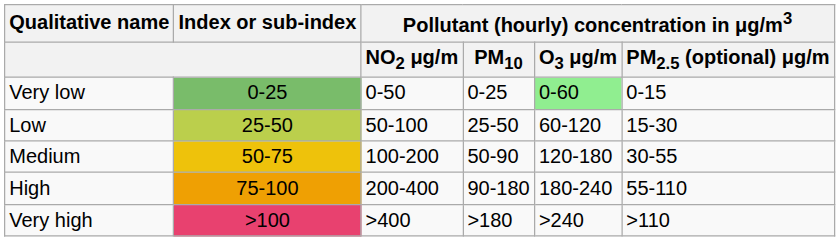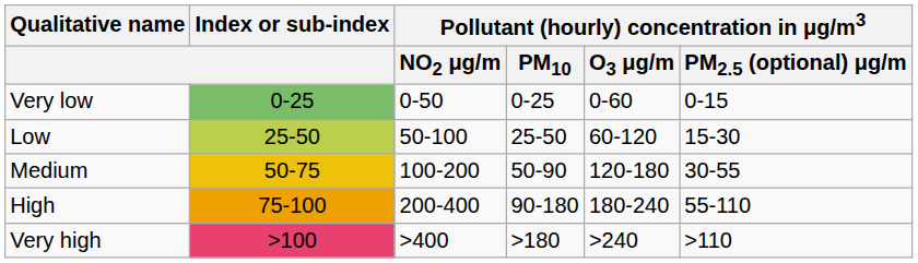 <table class="wikitable">
 <tr>
 <th>Qualitative name</th>
 <th>Index or sub-index</th>
 <th colspan="4">Pollutant (hourly) concentration in μg/m<sup>3</sup></th>
 </tr>
 <tr>
 <th colspan="2"></th>
 <th>NO<sub>2</sub> μg/m</th>
 <th>PM<sub>10</sub></th>
 <th>O<sub>3</sub> μg/m</th>
 <th>PM<sub>2.5</sub> (optional) μg/m</th>
 </tr>
 <tr>
 <td>Very low</td>
 <td style="text-align:center; background:#79bc6a;color:#000">0-25</td>
 <td>0-50</td>
 <td>0-25</td>
-<td style="background: lightgreen;">0-60</td>
+<td>0-60</td>
 <td>0-15</td>
 </tr>
 <tr>
 <td>Low</td>
 <td style="text-align:center; background:#bbcf4c;color:#000">25-50</td>
 <td>50-100</td>
 <td>25-50</td>
 <td>60-120</td>
 <td>15-30</td>
 </tr>
 <tr>
 <td>Medium</td>
 <td style="text-align:center; background:#eec20b;color:#000">50-75</td>
 <td>100-200</td>
 <td>50-90</td>
 <td>120-180</td>
 <td>30-55</td>
 </tr>
 <tr>
 <td>High</td>
 <td style="text-align:center; background:#efa003;color:#000">75-100</td>
 <td>200-400</td>
 <td>90-180</td>
 <td>180-240</td>
 <td>55-110</td>
 </tr>
 <tr>
 <td>Very high</td>
 <td style="text-align:center; background:#e8416f;color:#000">>100</td>
 <td>>400</td>
 <td>>180</td>
 <td>>240</td>
 <td>>110</td>
 </tr>
 </table>
